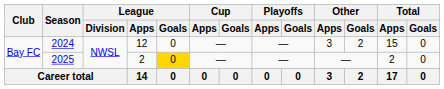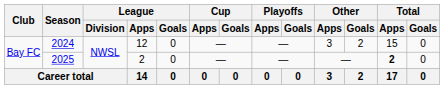 <table class="wikitable" style="text-align: center;">
 <tr>
 <th rowspan="2">Club</th>
 <th rowspan="2">Season</th>
 <th colspan="3">League</th>
 <th colspan="2">Cup</th>
 <th colspan="2">Playoffs</th>
 <th colspan="2">Other</th>
 <th colspan="2">Total</th>
 </tr>
 <tr>
 <th>Division</th>
 <th>Apps</th>
 <th>Goals</th>
 <th>Apps</th>
 <th>Goals</th>
 <th>Apps</th>
 <th>Goals</th>
 <th>Apps</th>
 <th>Goals</th>
 <th>Apps</th>
 <th>Goals</th>
 </tr>
 <tr>
 <td rowspan="2"><a href='#'>Bay FC</a></td>
 <td><a href='#'>2024</a></td>
 <td rowspan="2"><a href='#'>NWSL</a></td>
 <td>12</td>
 <td>0</td>
 <td colspan="2">—</td>
 <td colspan="2">—</td>
 <td>3</td>
 <td>2</td>
 <td>15</td>
 <td>0</td>
 </tr>
 <tr>
 <td><a href='#'>2025</a></td>
 <td>2</td>
-<td style="background: gold;">0</td>
+<td>0</td>
 <td colspan="2">—</td>
 <td colspan="2">—</td>
 <td colspan="2">—</td>
-<td>2</td>
+<td><strong>2</strong></td>
 <td>0</td>
 </tr>
 <tr>
 <th colspan="3">Career total</th>
 <th>14</th>
 <th>0</th>
 <th>0</th>
 <th>0</th>
 <th>0</th>
 <th>0</th>
 <th>3</th>
 <th>2</th>
 <th>17</th>
 <th>0</th>
 </tr>
 </table>
